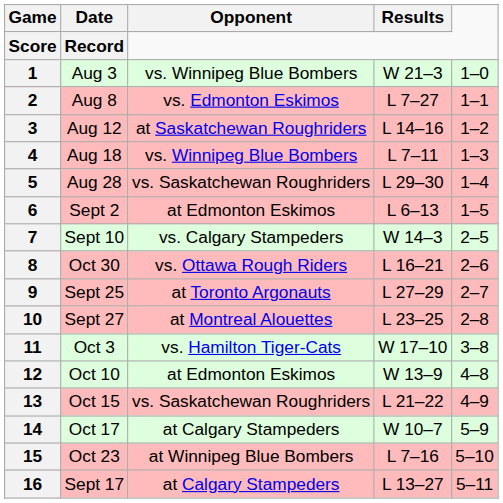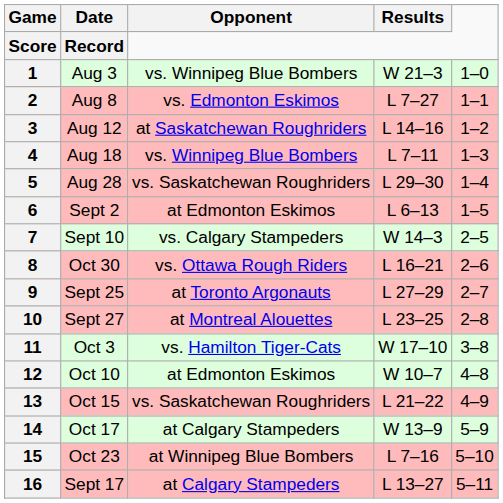 <table class="wikitable" style="text-align:center">
 <tr>
 <th>Game</th>
 <th>Date</th>
 <th>Opponent</th>
 <th>Results</th>
 </tr>
 <tr>
 <th>Score</th>
 <th>Record</th>
 </tr>
 <tr style="background:#ddffdd">
 <th>1</th>
 <td>Aug 3</td>
 <td>vs. Winnipeg Blue Bombers</td>
 <td>W 21–3</td>
 <td>1–0</td>
 </tr>
 <tr style="background:#ffbbbb">
 <th>2</th>
 <td>Aug 8</td>
 <td>vs. <a href='#'>Edmonton Eskimos</a></td>
 <td>L 7–27</td>
 <td>1–1</td>
 </tr>
 <tr style="background:#ffbbbb">
 <th>3</th>
 <td>Aug 12</td>
 <td>at <a href='#'>Saskatchewan Roughriders</a></td>
 <td>L 14–16</td>
 <td>1–2</td>
 </tr>
 <tr style="background:#ffbbbb">
 <th>4</th>
 <td>Aug 18</td>
 <td>vs. <a href='#'>Winnipeg Blue Bombers</a></td>
 <td>L 7–11</td>
 <td>1–3</td>
 </tr>
 <tr style="background:#ffbbbb">
 <th>5</th>
 <td>Aug 28</td>
 <td>vs. Saskatchewan Roughriders</td>
 <td>L 29–30</td>
 <td>1–4</td>
 </tr>
 <tr style="background:#ffbbbb">
 <th>6</th>
 <td>Sept 2</td>
 <td>at Edmonton Eskimos</td>
 <td>L 6–13</td>
 <td>1–5</td>
 </tr>
 <tr style="background:#ddffdd">
 <th>7</th>
 <td>Sept 10</td>
 <td>vs. Calgary Stampeders</td>
 <td>W 14–3</td>
 <td>2–5</td>
 </tr>
 <tr style="background:#ffbbbb">
 <th>8</th>
 <td>Oct 30</td>
 <td>vs. <a href='#'>Ottawa Rough Riders</a></td>
 <td>L 16–21</td>
 <td>2–6</td>
 </tr>
 <tr style="background:#ffbbbb">
 <th>9</th>
 <td>Sept 25</td>
 <td>at <a href='#'>Toronto Argonauts</a></td>
 <td>L 27–29</td>
 <td>2–7</td>
 </tr>
 <tr style="background:#ffbbbb">
 <th>10</th>
 <td>Sept 27</td>
 <td>at <a href='#'>Montreal Alouettes</a></td>
 <td>L 23–25</td>
 <td>2–8</td>
 </tr>
 <tr style="background:#ddffdd">
 <th>11</th>
 <td>Oct 3</td>
 <td>vs. <a href='#'>Hamilton Tiger-Cats</a></td>
 <td>W 17–10</td>
 <td>3–8</td>
 </tr>
 <tr style="background:#ddffdd">
 <th>12</th>
 <td>Oct 10</td>
 <td>at Edmonton Eskimos</td>
-<td>W 13–9</td>
+<td>W 10–7</td>
 <td>4–8</td>
 </tr>
 <tr style="background:#ffbbbb">
 <th>13</th>
 <td>Oct 15</td>
 <td>vs. Saskatchewan Roughriders</td>
 <td>L 21–22</td>
 <td>4–9</td>
 </tr>
 <tr style="background:#ddffdd">
 <th>14</th>
 <td>Oct 17</td>
 <td>at Calgary Stampeders</td>
-<td>W 10–7</td>
+<td>W 13–9</td>
 <td>5–9</td>
 </tr>
 <tr style="background:#ffbbbb">
 <th>15</th>
 <td>Oct 23</td>
 <td>at Winnipeg Blue Bombers</td>
 <td>L 7–16</td>
 <td>5–10</td>
 </tr>
 <tr style="background:#ffbbbb">
 <th>16</th>
 <td>Sept 17</td>
 <td>at <a href='#'>Calgary Stampeders</a></td>
 <td>L 13–27</td>
 <td>5–11</td>
 </tr>
 </table>
